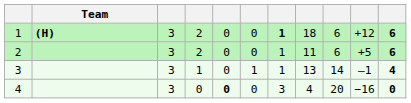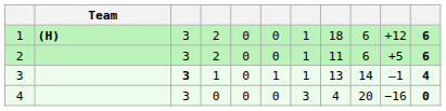 <table class="wikitable" style="text-align: center; font-size: 97%;">
 <tr>
 <th width="25"></th>
 <th width="135">Team</th>
 <th width="25"></th>
 <th width="25"></th>
 <th width="25"></th>
 <th width="25"></th>
 <th width="25"></th>
 <th width="25"></th>
 <th width="25"></th>
 <th width="25"></th>
 <th width="25"></th>
 </tr>
 <tr style="background-color: #bbf3bb;">
 <td>1</td>
 <td align=left> <strong>(H)</strong></td>
 <td>3</td>
 <td>2</td>
 <td>0</td>
 <td>0</td>
-<td><strong>1</strong></td>
+<td>1</td>
 <td>18</td>
 <td>6</td>
 <td>+12</td>
 <td><strong>6</strong></td>
 </tr>
 <tr style="background-color: #bbf3bb;">
 <td>2</td>
 <td align=left></td>
 <td>3</td>
 <td>2</td>
 <td>0</td>
 <td>0</td>
 <td>1</td>
 <td>11</td>
 <td>6</td>
 <td>+5</td>
 <td><strong>6</strong></td>
 </tr>
 <tr style="background-color: #edfced;">
 <td>3</td>
 <td align=left></td>
-<td>3</td>
+<td><strong>3</strong></td>
 <td>1</td>
 <td>0</td>
 <td>1</td>
 <td>1</td>
 <td>13</td>
 <td>14</td>
 <td>–1</td>
 <td><strong>4</strong></td>
 </tr>
 <tr style="background-color: #edfced;">
 <td>4</td>
 <td align=left></td>
 <td>3</td>
 <td>0</td>
-<td><strong>0</strong></td>
+<td>0</td>
 <td>0</td>
 <td>3</td>
 <td>4</td>
 <td>20</td>
 <td>−16</td>
 <td><strong>0</strong></td>
 </tr>
 </table>
